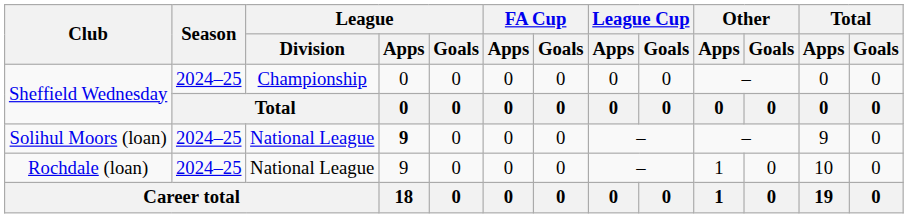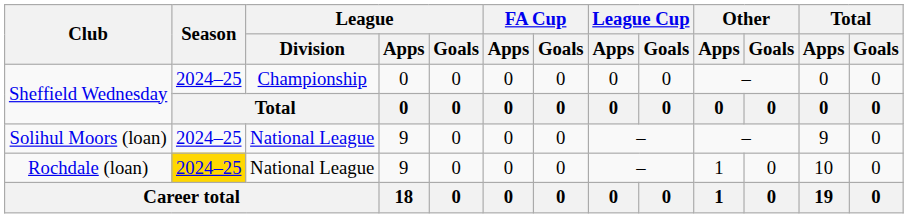 <table class=wikitable style="text-align:center">
 <tr>
 <th rowspan=2>Club</th>
 <th rowspan=2>Season</th>
 <th colspan=3>League</th>
 <th colspan=2><a href='#'>FA Cup</a></th>
 <th colspan=2><a href='#'>League Cup</a></th>
 <th colspan=2>Other</th>
 <th colspan=2>Total</th>
 </tr>
 <tr>
 <th>Division</th>
 <th>Apps</th>
 <th>Goals</th>
 <th>Apps</th>
 <th>Goals</th>
 <th>Apps</th>
 <th>Goals</th>
 <th>Apps</th>
 <th>Goals</th>
 <th>Apps</th>
 <th>Goals</th>
 </tr>
 <tr>
 <td rowspan="2"><a href='#'>Sheffield Wednesday</a></td>
 <td><a href='#'>2024–25</a></td>
 <td><a href='#'>Championship</a></td>
 <td>0</td>
 <td>0</td>
 <td>0</td>
 <td>0</td>
 <td>0</td>
 <td>0</td>
 <td colspan="2">–</td>
 <td>0</td>
 <td>0</td>
 </tr>
 <tr>
 <th colspan="2">Total</th>
 <th>0</th>
 <th>0</th>
 <th>0</th>
 <th>0</th>
 <th>0</th>
 <th>0</th>
 <th>0</th>
 <th>0</th>
 <th>0</th>
 <th>0</th>
 </tr>
 <tr>
 <td><a href='#'>Solihul Moors</a> (loan)</td>
 <td><a href='#'>2024–25</a></td>
 <td><a href='#'>National League</a></td>
-<td><strong>9</strong></td>
+<td>9</td>
 <td>0</td>
 <td>0</td>
 <td>0</td>
 <td colspan="2">–</td>
 <td colspan="2">–</td>
 <td>9</td>
 <td>0</td>
 </tr>
 <tr>
 <td><a href='#'>Rochdale</a> (loan)</td>
-<td><a href='#'>2024–25</a></td>
+<td style="background: gold;"><a href='#'>2024–25</a></td>
 <td>National League</td>
 <td>9</td>
 <td>0</td>
 <td>0</td>
 <td>0</td>
 <td colspan="2">–</td>
 <td>1</td>
 <td>0</td>
 <td>10</td>
 <td>0</td>
 </tr>
 <tr>
 <th colspan="3">Career total</th>
 <th>18</th>
 <th>0</th>
 <th>0</th>
 <th>0</th>
 <th>0</th>
 <th>0</th>
 <th>1</th>
 <th>0</th>
 <th>19</th>
 <th>0</th>
 </tr>
 </table>
